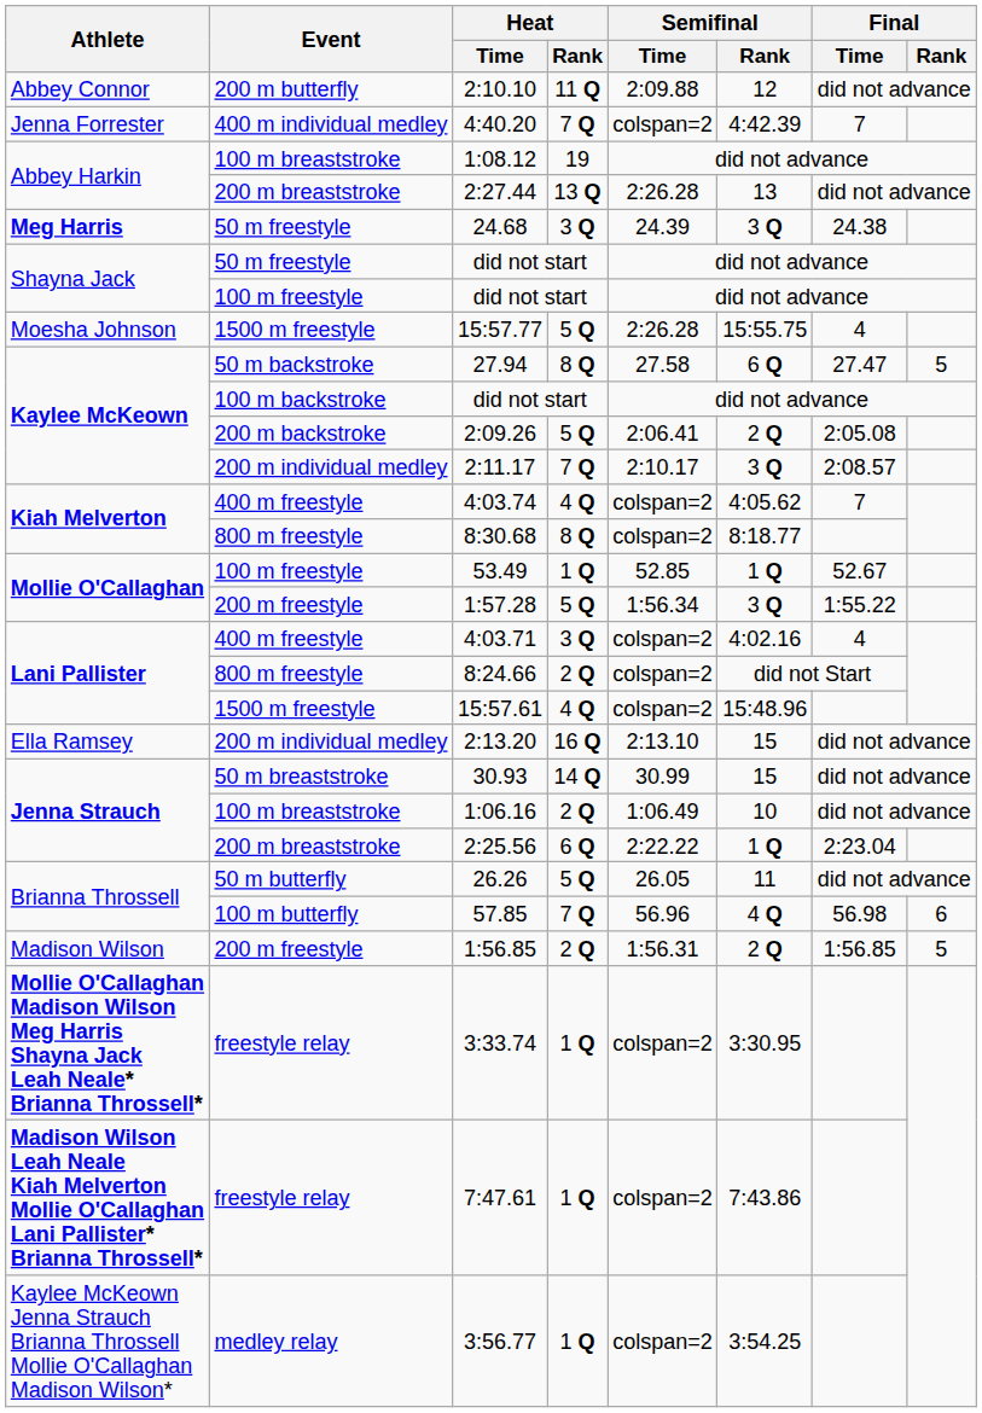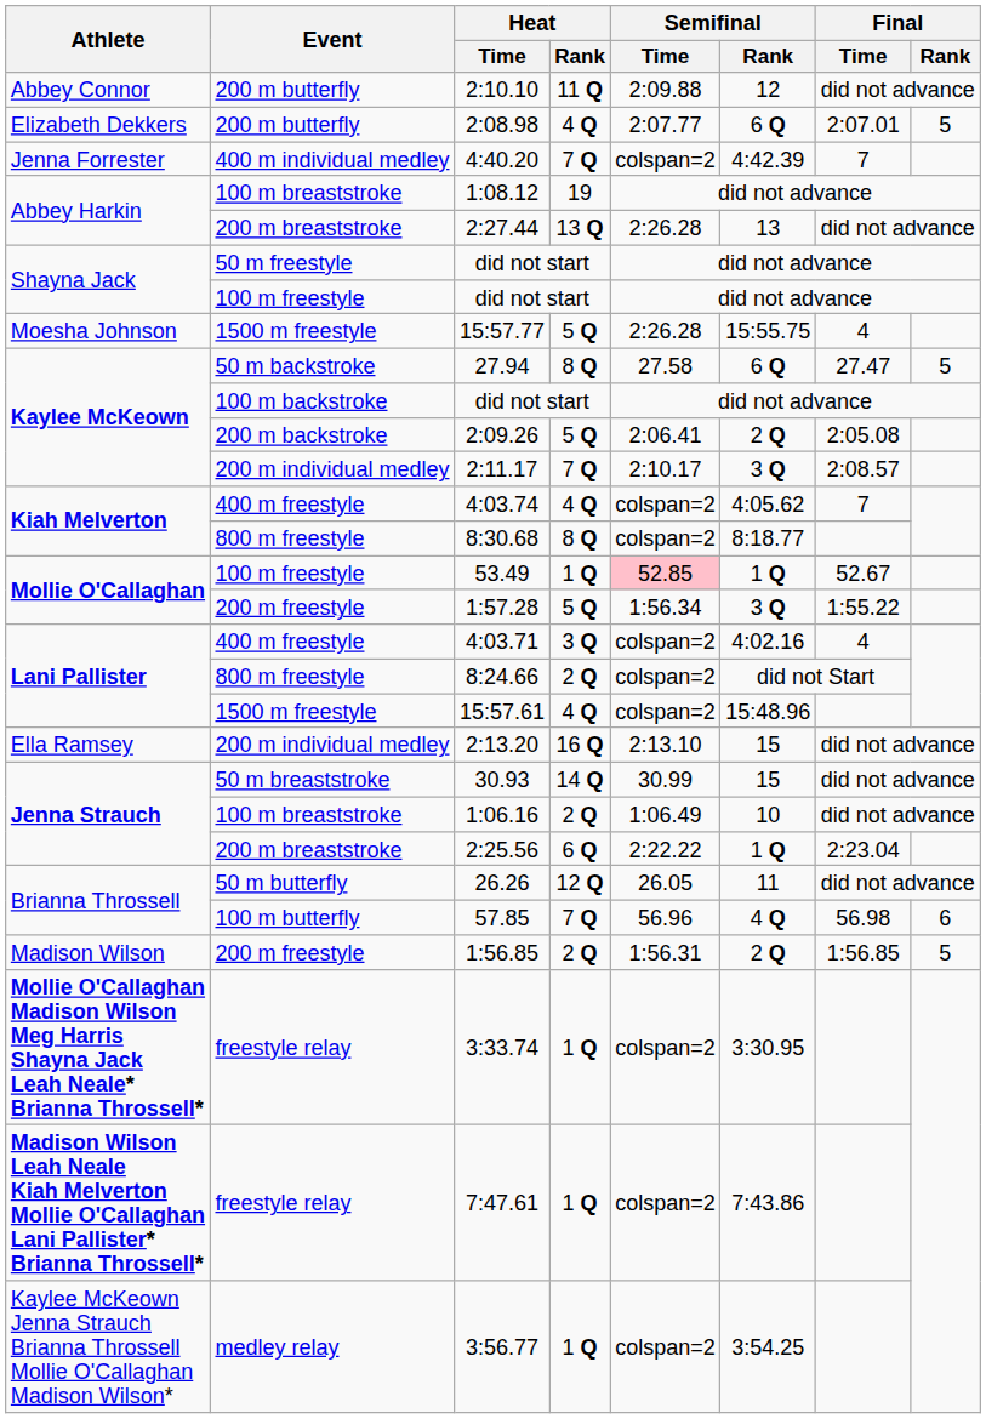 <table class="wikitable" style="text-align:center; font-size:90%">
 <tr>
 <th rowspan="2">Athlete</th>
 <th rowspan="2">Event</th>
 <th colspan="2">Heat</th>
 <th colspan="2">Semifinal</th>
 <th colspan="2">Final</th>
 </tr>
 <tr style="font-size:95%">
 <th>Time</th>
 <th>Rank</th>
 <th>Time</th>
 <th>Rank</th>
 <th>Time</th>
 <th>Rank</th>
 </tr>
 <tr>
 <td align=left><a href='#'>Abbey Connor</a></td>
 <td align=left><a href='#'>200 m butterfly</a></td>
 <td>2:10.10</td>
 <td>11 <strong>Q</strong></td>
 <td>2:09.88</td>
 <td>12</td>
 <td colspan=2>did not advance</td>
 </tr>
 <tr>
+<td align=left><a href='#'>Elizabeth Dekkers</a></td>
+<td align=left><a href='#'>200 m butterfly</a></td>
+<td>2:08.98</td>
+<td>4 <strong>Q</strong></td>
+<td>2:07.77</td>
+<td>6 <strong>Q</strong></td>
+<td>2:07.01</td>
+<td>5</td>
+</tr>
+<tr>
 <td align=left><a href='#'>Jenna Forrester</a></td>
 <td align=left><a href='#'>400 m individual medley</a></td>
 <td>4:40.20</td>
 <td>7 <strong>Q</strong></td>
 <td>colspan=2 </td>
 <td>4:42.39</td>
 <td>7</td>
 </tr>
 <tr>
 <td align=left rowspan=2><a href='#'>Abbey Harkin</a></td>
 <td align=left><a href='#'>100 m breaststroke</a></td>
 <td>1:08.12</td>
 <td>19</td>
 <td colspan=4>did not advance</td>
 </tr>
 <tr>
 <td align=left><a href='#'>200 m breaststroke</a></td>
 <td>2:27.44</td>
 <td>13 <strong>Q</strong></td>
 <td>2:26.28</td>
 <td>13</td>
 <td colspan=2>did not advance</td>
-</tr>
-<tr>
-<td align=left><strong><a href='#'>Meg Harris</a></strong></td>
-<td align=left><a href='#'>50 m freestyle</a></td>
-<td>24.68</td>
-<td>3 <strong>Q</strong></td>
-<td>24.39</td>
-<td>3 <strong>Q</strong></td>
-<td>24.38</td>
-<td></td>
 </tr>
 <tr>
 <td align=left rowspan=2><a href='#'>Shayna Jack</a></td>
 <td align=left><a href='#'>50 m freestyle</a></td>
 <td colspan=2>did not start</td>
 <td colspan=4>did not advance</td>
 </tr>
 <tr>
 <td align=left><a href='#'>100 m freestyle</a></td>
 <td colspan=2>did not start</td>
 <td colspan=4>did not advance</td>
 </tr>
 <tr>
 <td align=left><a href='#'>Moesha Johnson</a></td>
 <td align=left><a href='#'>1500 m freestyle</a></td>
 <td>15:57.77</td>
 <td>5 <strong>Q</strong></td>
 <td>2:26.28</td>
 <td>15:55.75</td>
 <td>4</td>
 </tr>
 <tr>
 <td align=left rowspan=4><strong><a href='#'>Kaylee McKeown</a></strong></td>
 <td align=left><a href='#'>50 m backstroke</a></td>
 <td>27.94</td>
 <td>8 <strong>Q</strong></td>
 <td>27.58</td>
 <td>6 <strong>Q</strong></td>
 <td>27.47</td>
 <td>5</td>
 </tr>
 <tr>
 <td align=left><a href='#'>100 m backstroke</a></td>
 <td colspan=2>did not start</td>
 <td colspan=4>did not advance</td>
 </tr>
 <tr>
 <td align=left><a href='#'>200 m backstroke</a></td>
 <td>2:09.26</td>
 <td>5 <strong>Q</strong></td>
 <td>2:06.41</td>
 <td>2 <strong>Q</strong></td>
 <td>2:05.08</td>
 <td></td>
 </tr>
 <tr>
 <td align=left><a href='#'>200 m individual medley</a></td>
 <td>2:11.17</td>
 <td>7 <strong>Q</strong></td>
 <td>2:10.17</td>
 <td>3 <strong>Q</strong></td>
 <td>2:08.57</td>
 <td></td>
 </tr>
 <tr>
 <td align=left rowspan=2><strong><a href='#'>Kiah Melverton</a></strong></td>
 <td align=left><a href='#'>400 m freestyle</a></td>
 <td>4:03.74</td>
 <td>4 <strong>Q</strong></td>
 <td>colspan=2 </td>
 <td>4:05.62</td>
 <td>7</td>
 </tr>
 <tr>
 <td align=left><a href='#'>800 m freestyle</a></td>
 <td>8:30.68</td>
 <td>8 <strong>Q</strong></td>
 <td>colspan=2 </td>
 <td>8:18.77</td>
 <td></td>
 </tr>
 <tr>
 <td align=left rowspan=2><strong><a href='#'>Mollie O'Callaghan</a></strong></td>
 <td align=left><a href='#'>100 m freestyle</a></td>
 <td>53.49</td>
 <td>1 <strong>Q</strong></td>
-<td>52.85</td>
+<td style="background: pink;">52.85</td>
 <td>1 <strong>Q</strong></td>
 <td>52.67</td>
 <td></td>
 </tr>
 <tr>
 <td align=left><a href='#'>200 m freestyle</a></td>
 <td>1:57.28</td>
 <td>5 <strong>Q</strong></td>
 <td>1:56.34</td>
 <td>3 <strong>Q</strong></td>
 <td>1:55.22</td>
 <td></td>
 </tr>
 <tr>
 <td align=left rowspan=3><strong><a href='#'>Lani Pallister</a></strong></td>
 <td align=left><a href='#'>400 m freestyle</a></td>
 <td>4:03.71</td>
 <td>3 <strong>Q</strong></td>
 <td>colspan=2 </td>
 <td>4:02.16</td>
 <td>4</td>
 </tr>
 <tr>
 <td align=left><a href='#'>800 m freestyle</a></td>
 <td>8:24.66</td>
 <td>2 <strong>Q</strong></td>
 <td>colspan=2 </td>
 <td colspan=2>did not Start</td>
 </tr>
 <tr>
 <td align=left><a href='#'>1500 m freestyle</a></td>
 <td>15:57.61</td>
 <td>4 <strong>Q</strong></td>
 <td>colspan=2 </td>
 <td>15:48.96</td>
 <td></td>
 </tr>
 <tr>
 <td align=left><a href='#'>Ella Ramsey</a></td>
 <td align=left><a href='#'>200 m individual medley</a></td>
 <td>2:13.20</td>
 <td>16 <strong>Q</strong></td>
 <td>2:13.10</td>
 <td>15</td>
 <td colspan=2>did not advance</td>
 </tr>
 <tr>
 <td align=left rowspan=3><strong><a href='#'>Jenna Strauch</a></strong></td>
 <td align=left><a href='#'>50 m breaststroke</a></td>
 <td>30.93</td>
 <td>14 <strong>Q</strong></td>
 <td>30.99</td>
 <td>15</td>
 <td colspan=2>did not advance</td>
 </tr>
 <tr>
 <td align=left><a href='#'>100 m breaststroke</a></td>
 <td>1:06.16</td>
 <td>2 <strong>Q</strong></td>
 <td>1:06.49</td>
 <td>10</td>
 <td colspan=2>did not advance</td>
 </tr>
 <tr>
 <td align=left><a href='#'>200 m breaststroke</a></td>
 <td>2:25.56</td>
 <td>6 <strong>Q</strong></td>
 <td>2:22.22</td>
 <td>1 <strong>Q</strong></td>
 <td>2:23.04</td>
 <td></td>
 </tr>
 <tr>
 <td align=left rowspan=2><a href='#'>Brianna Throssell</a></td>
 <td align=left><a href='#'>50 m butterfly</a></td>
 <td>26.26</td>
-<td>5 <strong>Q</strong></td>
+<td>12 <strong>Q</strong></td>
 <td>26.05</td>
 <td>11</td>
 <td colspan=2>did not advance</td>
 </tr>
 <tr>
 <td align=left><a href='#'>100 m butterfly</a></td>
 <td>57.85</td>
 <td>7 <strong>Q</strong></td>
 <td>56.96</td>
 <td>4 <strong>Q</strong></td>
 <td>56.98</td>
 <td>6</td>
 </tr>
 <tr>
 <td align=left><a href='#'>Madison Wilson</a></td>
 <td align=left><a href='#'>200 m freestyle</a></td>
 <td>1:56.85</td>
 <td>2 <strong>Q</strong></td>
 <td>1:56.31</td>
 <td>2 <strong>Q</strong></td>
 <td>1:56.85</td>
 <td>5</td>
 </tr>
 <tr>
 <td align=left><strong><a href='#'>Mollie O'Callaghan</a><br><a href='#'>Madison Wilson</a><br><a href='#'>Meg Harris</a><br><a href='#'>Shayna Jack</a><br><a href='#'>Leah Neale</a>*<br><a href='#'>Brianna Throssell</a>*</strong></td>
 <td align=left><a href='#'> freestyle relay</a></td>
 <td>3:33.74</td>
 <td>1 <strong>Q</strong></td>
 <td>colspan=2 </td>
 <td>3:30.95</td>
 <td></td>
 </tr>
 <tr>
 <td align=left><strong><a href='#'>Madison Wilson</a><br><a href='#'>Leah Neale</a><br><a href='#'>Kiah Melverton</a><br><a href='#'>Mollie O'Callaghan</a><br><a href='#'>Lani Pallister</a>*<br><a href='#'>Brianna Throssell</a>*</strong></td>
 <td align=left><a href='#'> freestyle relay</a></td>
 <td>7:47.61</td>
 <td>1 <strong>Q</strong></td>
 <td>colspan=2 </td>
 <td>7:43.86</td>
 <td></td>
 </tr>
 <tr>
 <td align=left><a href='#'>Kaylee McKeown</a><br><a href='#'>Jenna Strauch</a><br><a href='#'>Brianna Throssell</a><br><a href='#'>Mollie O'Callaghan</a><br><a href='#'>Madison Wilson</a>*</td>
 <td align=left><a href='#'> medley relay</a></td>
 <td>3:56.77</td>
 <td>1 <strong>Q</strong></td>
 <td>colspan=2 </td>
 <td>3:54.25</td>
 <td></td>
 </tr>
 </table>
